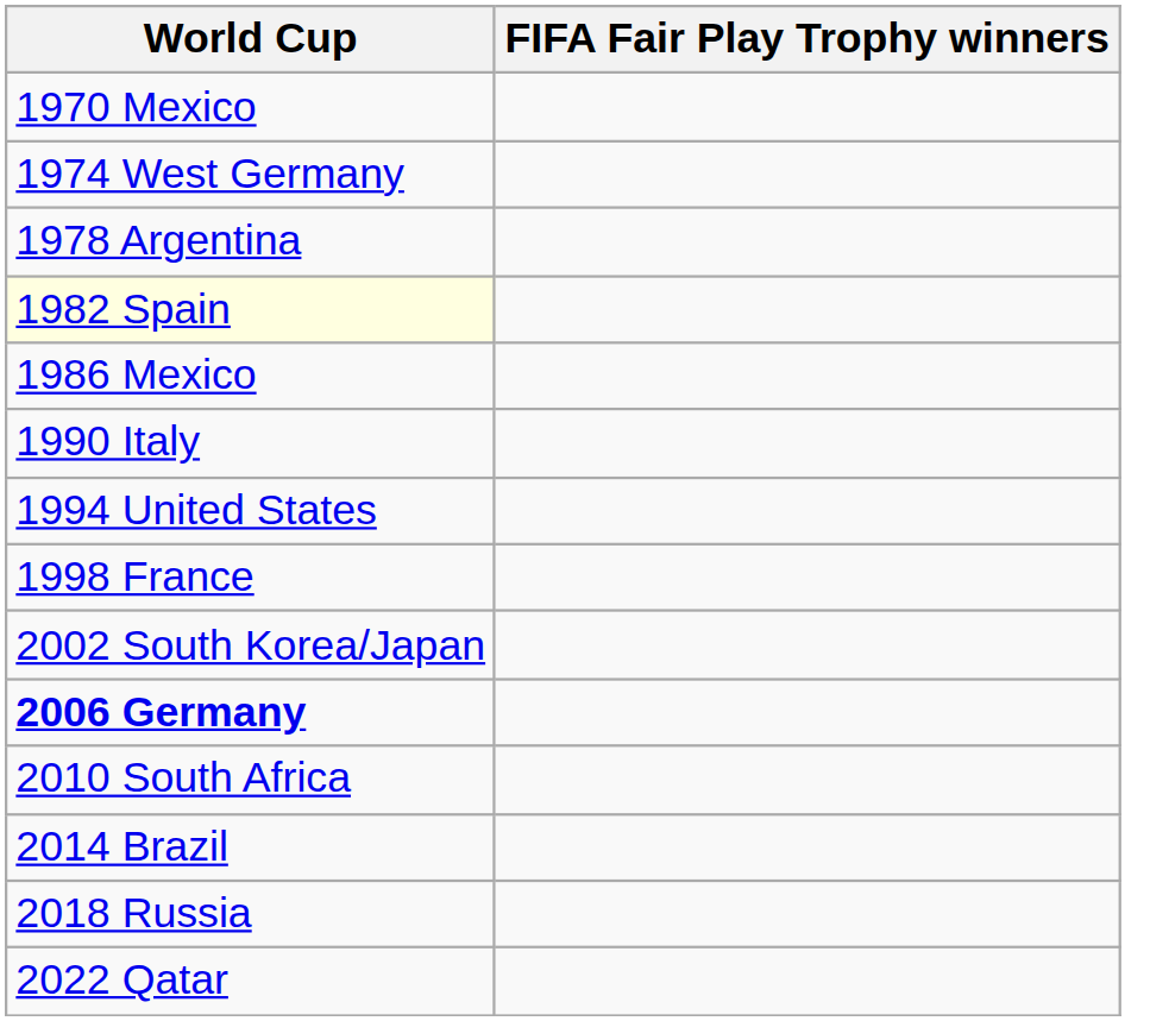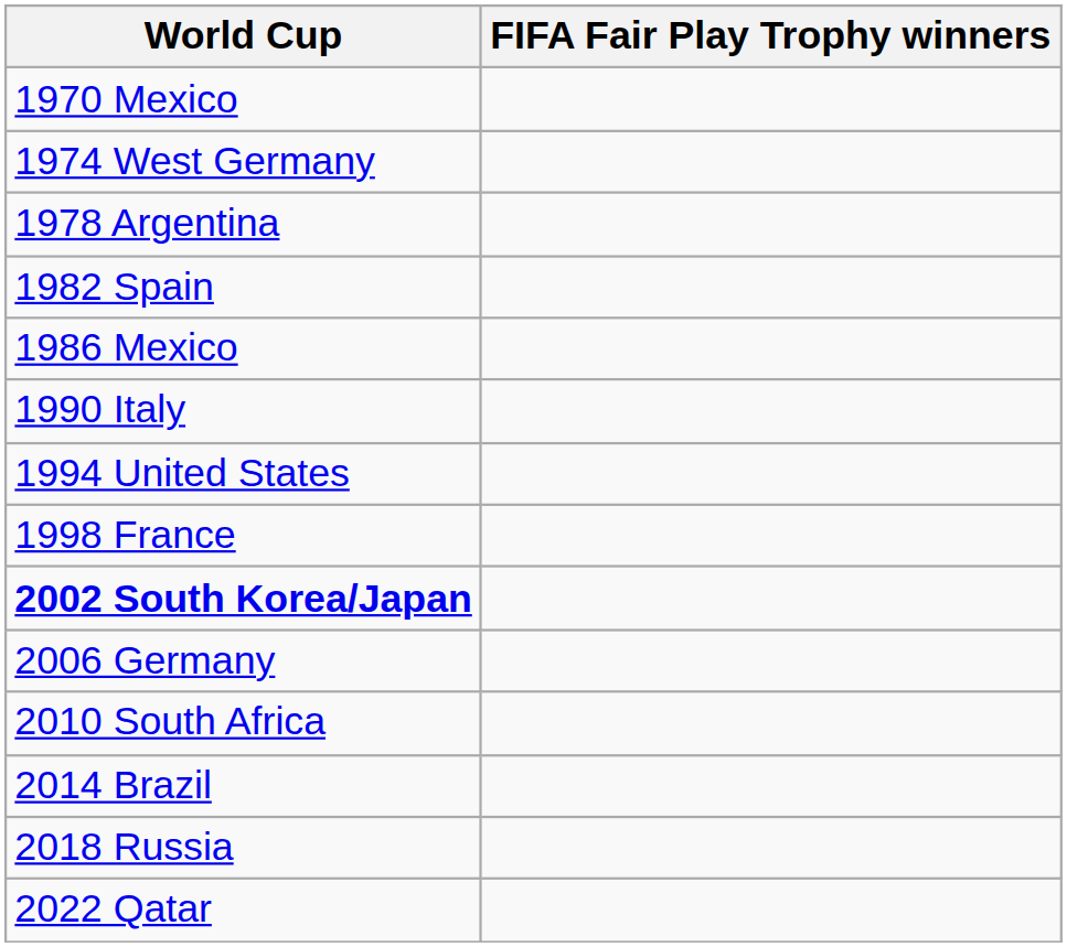 <table class="wikitable">
 <tr>
 <th>World Cup</th>
 <th>FIFA Fair Play Trophy winners</th>
 </tr>
 <tr>
 <td><a href='#'>1970 Mexico</a></td>
 <td align=left></td>
 </tr>
 <tr>
 <td><a href='#'>1974 West Germany</a></td>
 <td align=left></td>
 </tr>
 <tr>
 <td><a href='#'>1978 Argentina</a></td>
 <td align=left></td>
 </tr>
 <tr>
-<td style="background: lightyellow;"><a href='#'>1982 Spain</a></td>
+<td><a href='#'>1982 Spain</a></td>
 <td align=left></td>
 </tr>
 <tr>
 <td><a href='#'>1986 Mexico</a></td>
 <td align=left></td>
 </tr>
 <tr>
 <td><a href='#'>1990 Italy</a></td>
 <td align=left></td>
 </tr>
 <tr>
 <td><a href='#'>1994 United States</a></td>
 <td align=left></td>
 </tr>
 <tr>
 <td><a href='#'>1998 France</a></td>
 <td align=left><br></td>
 </tr>
 <tr>
-<td><a href='#'>2002 South Korea/Japan</a></td>
+<td><strong><a href='#'>2002 South Korea/Japan</a></strong></td>
 <td align=left></td>
 </tr>
 <tr>
-<td><strong><a href='#'>2006 Germany</a></strong></td>
+<td><a href='#'>2006 Germany</a></td>
 <td align=left><br></td>
 </tr>
 <tr>
 <td><a href='#'>2010 South Africa</a></td>
 <td align=left></td>
 </tr>
 <tr>
 <td><a href='#'>2014 Brazil</a></td>
 <td align=left></td>
 </tr>
 <tr>
 <td><a href='#'>2018 Russia</a></td>
 <td align=left></td>
 </tr>
 <tr>
 <td><a href='#'>2022 Qatar</a></td>
 <td align=left></td>
 </tr>
 <tr>
 </tr>
 </table>
